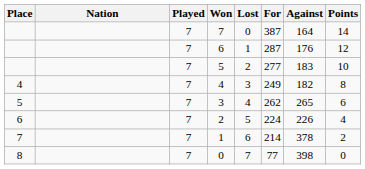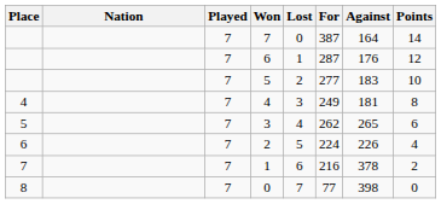 <table class=wikitable style=text-align:center>
 <tr>
 <th width=35>Place</th>
 <th width=185>Nation</th>
 <th width=10>Played</th>
 <th width=10>Won</th>
 <th width=10>Lost</th>
 <th width=10>For</th>
 <th width=10>Against</th>
 <th width=10>Points</th>
 </tr>
 <tr>
 <td></td>
 <td style=text-align:left></td>
 <td>7</td>
 <td>7</td>
 <td>0</td>
 <td>387</td>
 <td>164</td>
 <td>14</td>
 </tr>
 <tr>
 <td></td>
 <td style=text-align:left></td>
 <td>7</td>
 <td>6</td>
 <td>1</td>
 <td>287</td>
 <td>176</td>
 <td>12</td>
 </tr>
 <tr>
 <td></td>
 <td style=text-align:left></td>
 <td>7</td>
 <td>5</td>
 <td>2</td>
 <td>277</td>
 <td>183</td>
 <td>10</td>
 </tr>
 <tr>
 <td>4</td>
 <td style=text-align:left></td>
 <td>7</td>
 <td>4</td>
 <td>3</td>
 <td>249</td>
-<td>182</td>
+<td>181</td>
 <td>8</td>
 </tr>
 <tr>
 <td>5</td>
 <td style=text-align:left></td>
 <td>7</td>
 <td>3</td>
 <td>4</td>
 <td>262</td>
 <td>265</td>
 <td>6</td>
 </tr>
 <tr>
 <td>6</td>
 <td style=text-align:left></td>
 <td>7</td>
 <td>2</td>
 <td>5</td>
 <td>224</td>
 <td>226</td>
 <td>4</td>
 </tr>
 <tr>
 <td>7</td>
 <td style=text-align:left></td>
 <td>7</td>
 <td>1</td>
 <td>6</td>
-<td>214</td>
+<td>216</td>
 <td>378</td>
 <td>2</td>
 </tr>
 <tr>
 <td>8</td>
 <td style=text-align:left></td>
 <td>7</td>
 <td>0</td>
 <td>7</td>
 <td>77</td>
 <td>398</td>
 <td>0</td>
 </tr>
 </table>
